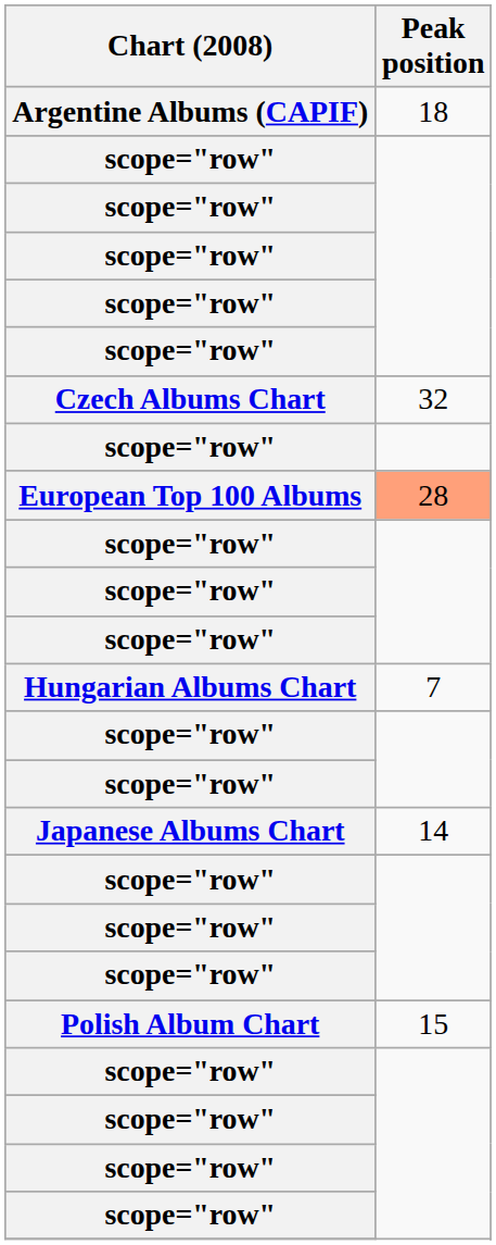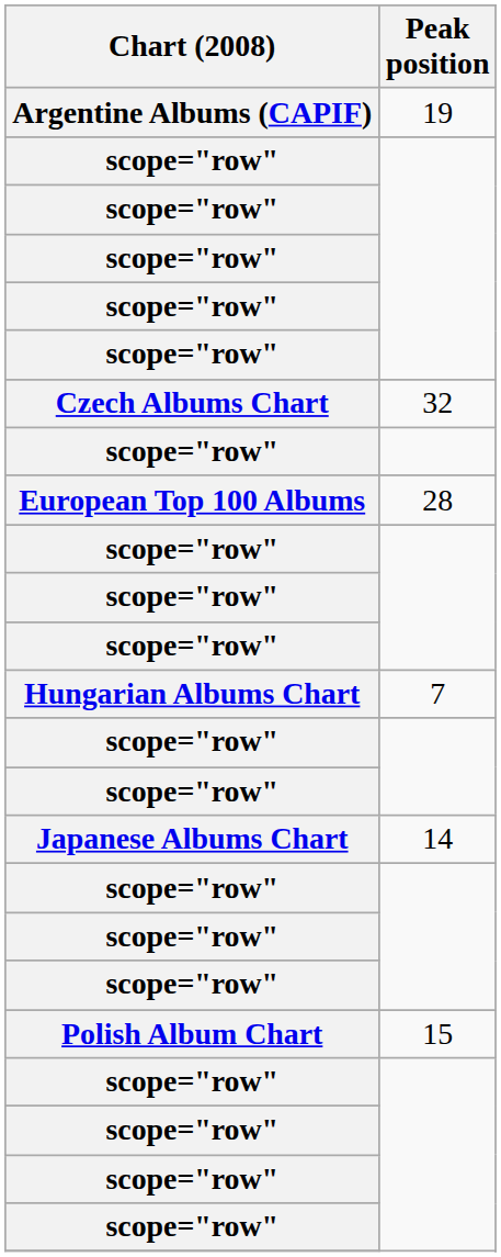 <table class="wikitable sortable plainrowheaders" style="text-align:center">
 <tr>
 <th scope="col">Chart (2008)</th>
 <th scope="col">Peak<br>position</th>
 </tr>
 <tr>
 <th scope="row">Argentine Albums (<a href='#'>CAPIF</a>)</th>
-<td align="center">18</td>
+<td align="center">19</td>
 </tr>
 <tr>
 <th>scope="row" </th>
 </tr>
 <tr>
 <th>scope="row" </th>
 </tr>
 <tr>
 <th>scope="row" </th>
 </tr>
 <tr>
 <th>scope="row" </th>
 </tr>
 <tr>
 <th>scope="row" </th>
 </tr>
 <tr>
 <th scope="row"><a href='#'>Czech Albums Chart</a></th>
 <td align="center">32</td>
 </tr>
 <tr>
 <th>scope="row" </th>
 </tr>
 <tr>
 <th scope="row"><a href='#'>European Top 100 Albums</a></th>
-<td align="center" style="background: lightsalmon;">28</td>
+<td align="center">28</td>
 </tr>
 <tr>
 <th>scope="row" </th>
 </tr>
 <tr>
 <th>scope="row" </th>
 </tr>
 <tr>
 <th>scope="row" </th>
 </tr>
 <tr>
 <th scope="row"><a href='#'>Hungarian Albums Chart</a></th>
 <td align="center">7</td>
 </tr>
 <tr>
 <th>scope="row" </th>
 </tr>
 <tr>
 <th>scope="row" </th>
 </tr>
 <tr>
 <th scope="row"><a href='#'>Japanese Albums Chart</a></th>
 <td align="center">14</td>
 </tr>
 <tr>
 <th>scope="row" </th>
 </tr>
 <tr>
 <th>scope="row" </th>
 </tr>
 <tr>
 <th>scope="row" </th>
 </tr>
 <tr>
 <th scope="row"><a href='#'>Polish Album Chart</a></th>
 <td align="center">15</td>
 </tr>
 <tr>
 <th>scope="row" </th>
 </tr>
 <tr>
 <th>scope="row" </th>
 </tr>
 <tr>
 <th>scope="row" </th>
 </tr>
 <tr>
 <th>scope="row" </th>
 </tr>
 <tr>
 </tr>
 </table>
